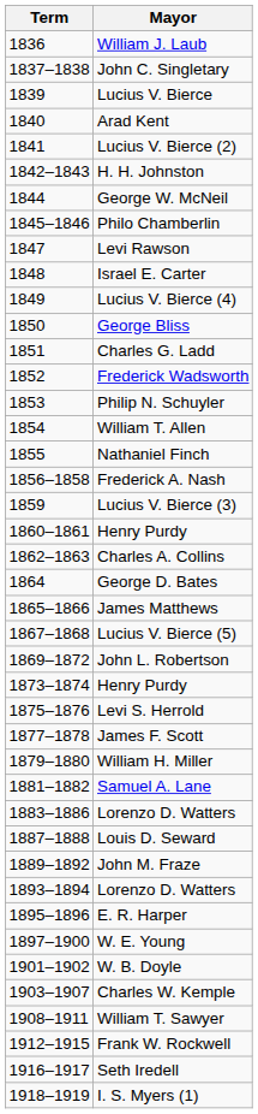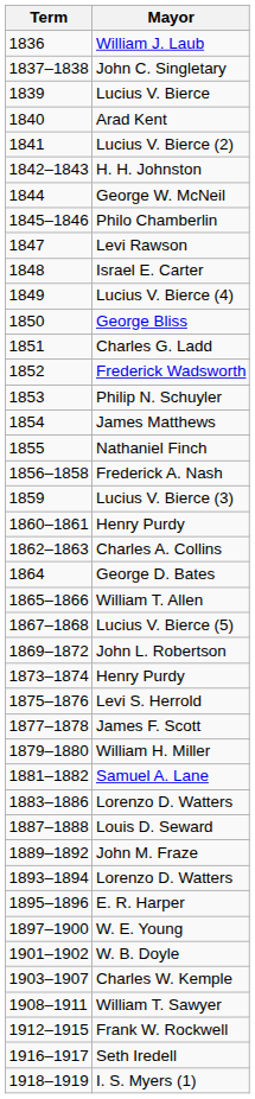 <table class="wikitable">
 <tr>
 <th>Term</th>
 <th>Mayor</th>
 </tr>
 <tr>
 <td>1836</td>
 <td><a href='#'>William J. Laub</a></td>
 </tr>
 <tr>
 <td>1837–1838</td>
 <td>John C. Singletary</td>
 </tr>
 <tr>
 <td>1839</td>
 <td>Lucius V. Bierce</td>
 </tr>
 <tr>
 <td>1840</td>
 <td>Arad Kent</td>
 </tr>
 <tr>
 <td>1841</td>
 <td>Lucius V. Bierce (2)</td>
 </tr>
 <tr>
 <td>1842–1843</td>
 <td>H. H. Johnston</td>
 </tr>
 <tr>
 <td>1844</td>
 <td>George W. McNeil</td>
 </tr>
 <tr>
 <td>1845–1846</td>
 <td>Philo Chamberlin</td>
 </tr>
 <tr>
 <td>1847</td>
 <td>Levi Rawson</td>
 </tr>
 <tr>
 <td>1848</td>
 <td>Israel E. Carter</td>
 </tr>
 <tr>
 <td>1849</td>
 <td>Lucius V. Bierce (4)</td>
 </tr>
 <tr>
 <td>1850</td>
 <td><a href='#'>George Bliss</a></td>
 </tr>
 <tr>
 <td>1851</td>
 <td>Charles G. Ladd</td>
 </tr>
 <tr>
 <td>1852</td>
 <td><a href='#'>Frederick Wadsworth</a></td>
 </tr>
 <tr>
 <td>1853</td>
 <td>Philip N. Schuyler</td>
 </tr>
 <tr>
 <td>1854</td>
-<td>William T. Allen</td>
+<td>James Matthews</td>
 </tr>
 <tr>
 <td>1855</td>
 <td>Nathaniel Finch</td>
 </tr>
 <tr>
 <td>1856–1858</td>
 <td>Frederick A. Nash</td>
 </tr>
 <tr>
 <td>1859</td>
 <td>Lucius V. Bierce (3)</td>
 </tr>
 <tr>
 <td>1860–1861</td>
 <td>Henry Purdy</td>
 </tr>
 <tr>
 <td>1862–1863</td>
 <td>Charles A. Collins</td>
 </tr>
 <tr>
 <td>1864</td>
 <td>George D. Bates</td>
 </tr>
 <tr>
 <td>1865–1866</td>
-<td>James Matthews</td>
+<td>William T. Allen</td>
 </tr>
 <tr>
 <td>1867–1868</td>
 <td>Lucius V. Bierce (5)</td>
 </tr>
 <tr>
 <td>1869–1872</td>
 <td>John L. Robertson</td>
 </tr>
 <tr>
 <td>1873–1874</td>
 <td>Henry Purdy</td>
 </tr>
 <tr>
 <td>1875–1876</td>
 <td>Levi S. Herrold</td>
 </tr>
 <tr>
 <td>1877–1878</td>
 <td>James F. Scott</td>
 </tr>
 <tr>
 <td>1879–1880</td>
 <td>William H. Miller</td>
 </tr>
 <tr>
 <td>1881–1882</td>
 <td><a href='#'>Samuel A. Lane</a></td>
 </tr>
 <tr>
 <td>1883–1886</td>
 <td>Lorenzo D. Watters</td>
 </tr>
 <tr>
 <td>1887–1888</td>
 <td>Louis D. Seward</td>
 </tr>
 <tr>
 <td>1889–1892</td>
 <td>John M. Fraze</td>
 </tr>
 <tr>
 <td>1893–1894</td>
 <td>Lorenzo D. Watters</td>
 </tr>
 <tr>
 <td>1895–1896</td>
 <td>E. R. Harper</td>
 </tr>
 <tr>
 <td>1897–1900</td>
 <td>W. E. Young</td>
 </tr>
 <tr>
 <td>1901–1902</td>
 <td>W. B. Doyle</td>
 </tr>
 <tr>
 <td>1903–1907</td>
 <td>Charles W. Kemple</td>
 </tr>
 <tr>
 <td>1908–1911</td>
 <td>William T. Sawyer</td>
 </tr>
 <tr>
 <td>1912–1915</td>
 <td>Frank W. Rockwell</td>
 </tr>
 <tr>
 <td>1916–1917</td>
 <td>Seth Iredell</td>
 </tr>
 <tr>
 <td>1918–1919</td>
 <td>I. S. Myers (1)</td>
 </tr>
 </table>
